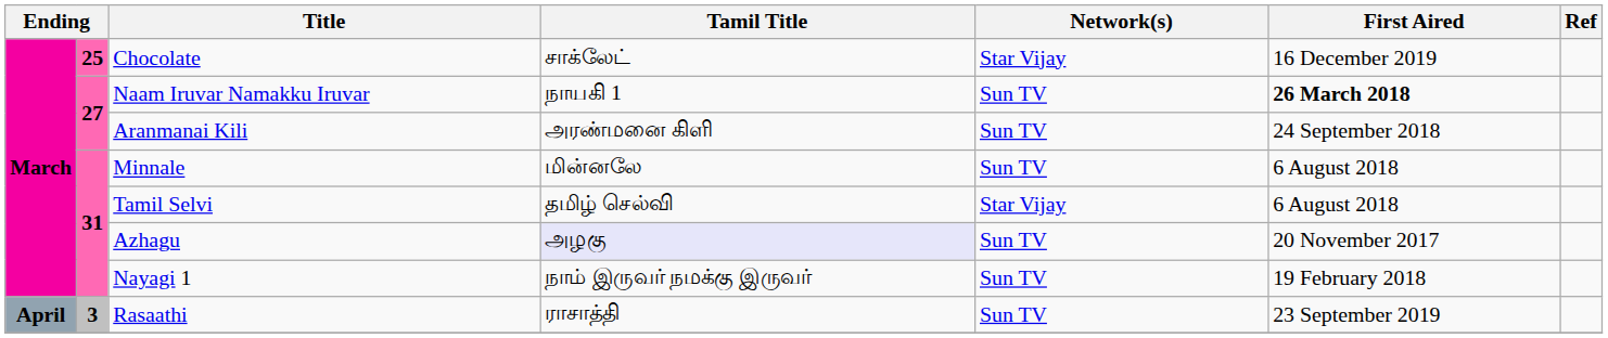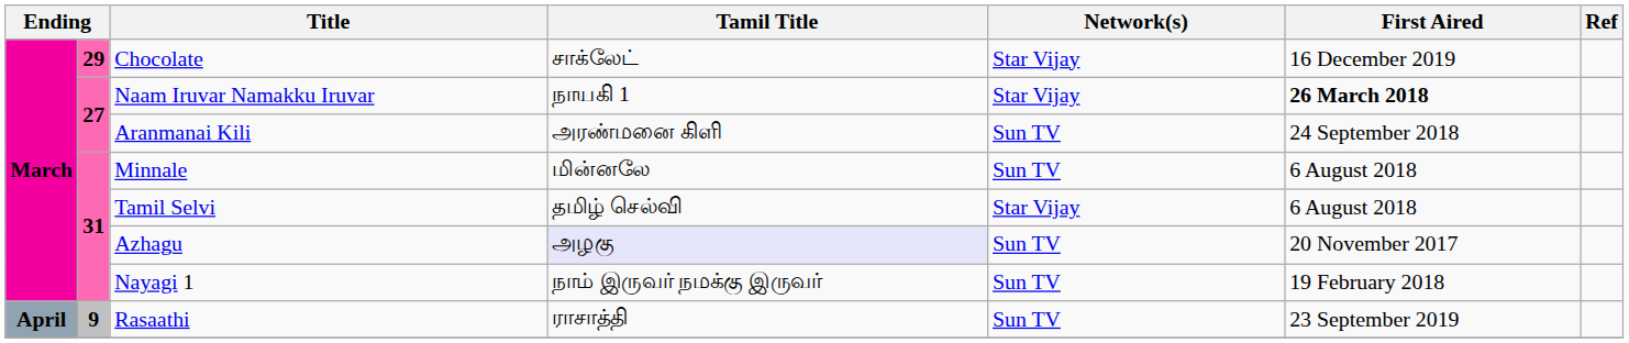 <table class="wikitable" width="75%">
 <tr>
 <th colspan="2">Ending</th>
 <th style="width:30%;">Title</th>
 <th style="width:30%;">Tamil Title</th>
 <th style="width:20%;">Network(s)</th>
 <th style="width:20%;">First Aired</th>
 <th>Ref</th>
 </tr>
 <tr>
 <td rowspan="7" style="text-align:center; background:#F400A1; textcolor:#000;"><strong>March</strong></td>
-<td style="text-align:center; background:hotPink;"><strong>25</strong></td>
+<td style="text-align:center; background:hotPink;"><strong>29</strong></td>
 <td><a href='#'>Chocolate</a></td>
 <td>சாக்லேட்</td>
 <td><a href='#'>Star Vijay</a></td>
 <td>16 December 2019</td>
 <td></td>
 </tr>
 <tr>
 <td rowspan="2" style="text-align:center; background:hotPink;"><strong>27</strong></td>
 <td><a href='#'>Naam Iruvar Namakku Iruvar</a></td>
 <td>நாயகி 1</td>
-<td><a href='#'>Sun TV</a></td>
+<td><a href='#'>Star Vijay</a></td>
 <td><strong>26 March 2018</strong></td>
 <td></td>
 </tr>
 <tr>
 <td><a href='#'>Aranmanai Kili</a></td>
 <td>அரண்மனை கிளி</td>
 <td><a href='#'>Sun TV</a></td>
 <td>24 September 2018</td>
 <td></td>
 </tr>
 <tr>
 <td rowspan="4" style="text-align:center; background:hotPink;"><strong>31</strong></td>
 <td><a href='#'>Minnale</a></td>
 <td>மின்னலே</td>
 <td><a href='#'>Sun TV</a></td>
 <td>6 August 2018</td>
 <td></td>
 </tr>
 <tr>
 <td><a href='#'>Tamil Selvi</a></td>
 <td>தமிழ் செல்வி</td>
 <td><a href='#'>Star Vijay</a></td>
 <td>6 August 2018</td>
 <td></td>
 </tr>
 <tr>
 <td><a href='#'>Azhagu</a></td>
 <td style="background: lavender;">அழகு</td>
 <td><a href='#'>Sun TV</a></td>
 <td>20 November 2017</td>
 <td></td>
 </tr>
 <tr>
 <td><a href='#'>Nayagi</a> 1</td>
 <td>நாம் இருவர் நமக்கு இருவர்</td>
 <td><a href='#'>Sun TV</a></td>
 <td>19 February 2018</td>
 <td></td>
 </tr>
 <tr>
 <td style="text-align:center; background:#91a3b0; textcolor:#000;"><strong>April</strong></td>
-<td style="text-align:center; background:silver"><strong>3</strong></td>
+<td style="text-align:center; background:silver"><strong>9</strong></td>
 <td><a href='#'>Rasaathi</a></td>
 <td>ராசாத்தி</td>
 <td><a href='#'>Sun TV</a></td>
 <td>23 September 2019</td>
 <td></td>
 </tr>
 <tr>
 </tr>
 </table>
